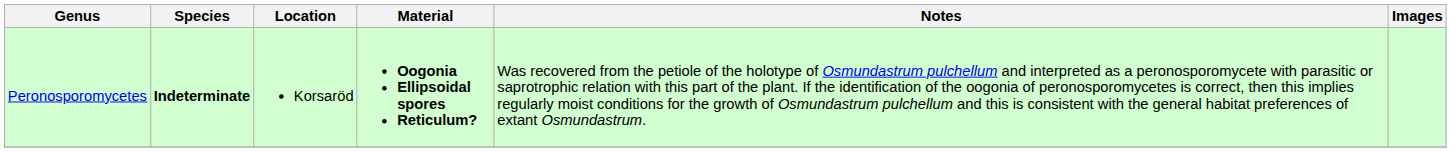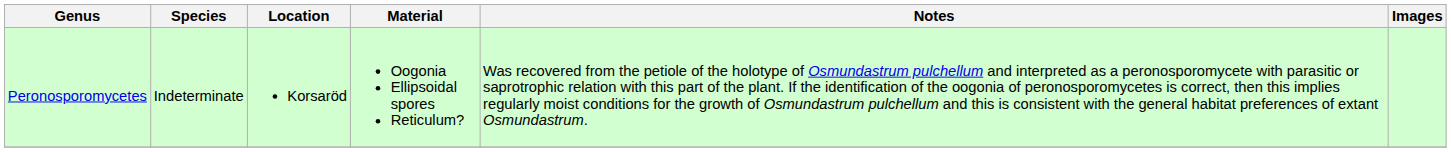 <table class="wikitable sortable">
 <tr>
 <th>Genus</th>
 <th>Species</th>
 <th>Location</th>
 <th>Material</th>
 <th>Notes</th>
 <th>Images</th>
 </tr>
 <tr>
 <td style="background:#D1FFCF;"><br><a href='#'>Peronosporomycetes</a></td>
-<td style="background:#D1FFCF;"><strong><br>Indeterminate</strong></td>
+<td style="background:#D1FFCF;"><br>Indeterminate</td>
 <td style="background:#D1FFCF;"><br><ul><li>Korsaröd</li></ul></td>
-<td style="background:#D1FFCF;"><strong><br><ul><li>Oogonia</li><li>Ellipsoidal spores</li><li>Reticulum?</li></ul></strong></td>
+<td style="background:#D1FFCF;"><br><ul><li>Oogonia</li><li>Ellipsoidal spores</li><li>Reticulum?</li></ul></td>
 <td style="background:#D1FFCF;"><br>Was recovered from the petiole of  the holotype of <a href='#'><em>Osmundastrum pulchellum</em></a> and interpreted as a peronosporomycete with parasitic or saprotrophic relation with this part of the plant. If the identification of the oogonia of peronosporomycetes is correct, then this implies regularly moist conditions for the growth of <em>Osmundastrum pulchellum</em> and this is consistent with the general habitat preferences of extant <em>Osmundastrum</em>.</td>
 <td style="background:#D1FFCF;"><br></td>
 </tr>
 <tr>
 </tr>
 </table>
